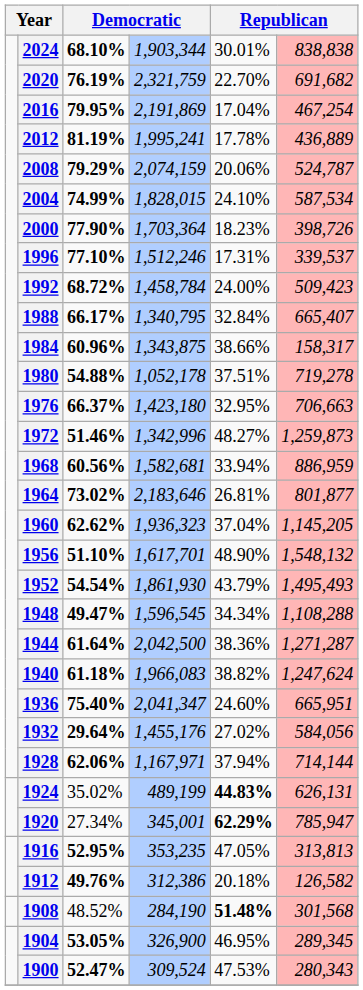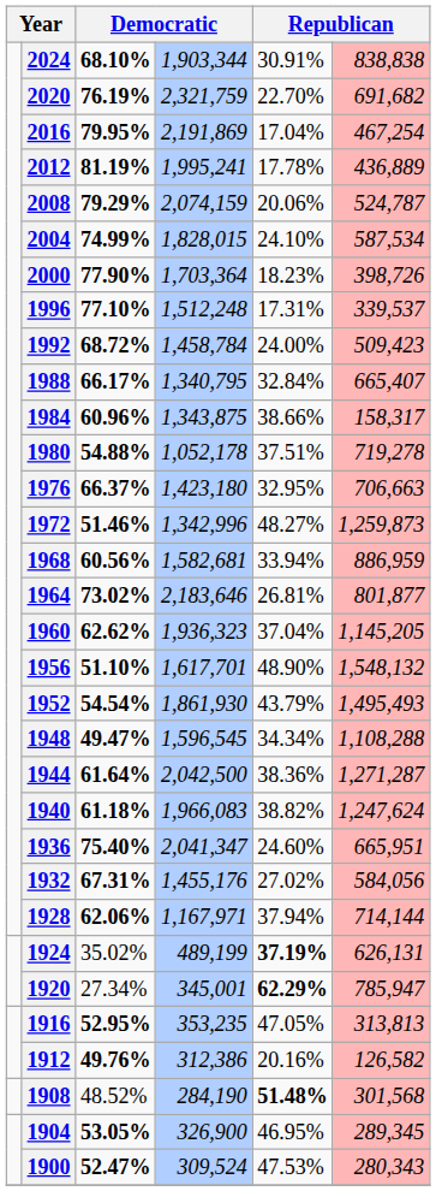 <table class="wikitable" style="float:right; width:400; font-size:90%; margin-left:1em;">
 <tr>
 <th colspan="2" scope="col">Year</th>
 <th colspan="2" scope="col"><a href='#'>Democratic</a></th>
 <th colspan="2" scope="col"><a href='#'>Republican</a></th>
 </tr>
 <tr>
 <td rowspan="25" style="width: 0.25em; background-color: "></td>
 <th><a href='#'>2024</a></th>
 <td><strong>68.10%</strong></td>
 <td style="text-align:right; background:#b0ceff;"><em>1,903,344</em></td>
-<td>30.01%</td>
+<td>30.91%</td>
 <td style="text-align:right; background:#ffb6b6;"><em>838,838</em></td>
 </tr>
 <tr>
 <th><a href='#'>2020</a></th>
 <td><strong>76.19%</strong></td>
 <td style="text-align:right; background:#b0ceff;"><em>2,321,759</em></td>
 <td>22.70%</td>
 <td style="text-align:right; background:#ffb6b6;"><em>691,682</em></td>
 </tr>
 <tr>
 <th><a href='#'>2016</a></th>
 <td><strong>79.95%</strong></td>
 <td style="text-align:right; background:#b0ceff;"><em>2,191,869</em></td>
 <td>17.04%</td>
 <td style="text-align:right; background:#ffb6b6;"><em>467,254</em></td>
 </tr>
 <tr>
 <th><a href='#'>2012</a></th>
 <td><strong>81.19%</strong></td>
 <td style="text-align:right; background:#b0ceff;"><em>1,995,241</em></td>
 <td>17.78%</td>
 <td style="text-align:right; background:#ffb6b6;"><em>436,889</em></td>
 </tr>
 <tr>
 <th><a href='#'>2008</a></th>
 <td><strong>79.29%</strong></td>
 <td style="text-align:right; background:#b0ceff;"><em>2,074,159</em></td>
 <td>20.06%</td>
 <td style="text-align:right; background:#ffb6b6;"><em>524,787</em></td>
 </tr>
 <tr>
 <th><a href='#'>2004</a></th>
 <td><strong>74.99%</strong></td>
 <td style="text-align:right; background:#b0ceff;"><em>1,828,015</em></td>
 <td>24.10%</td>
 <td style="text-align:right; background:#ffb6b6;"><em>587,534</em></td>
 </tr>
 <tr>
 <th><a href='#'>2000</a></th>
 <td><strong>77.90%</strong></td>
 <td style="text-align:right; background:#b0ceff;"><em>1,703,364</em></td>
 <td>18.23%</td>
 <td style="text-align:right; background:#ffb6b6;"><em>398,726</em></td>
 </tr>
 <tr>
 <th><a href='#'>1996</a></th>
 <td><strong>77.10%</strong></td>
-<td style="text-align:right; background:#b0ceff;"><em>1,512,246</em></td>
+<td style="text-align:right; background:#b0ceff;"><em>1,512,248</em></td>
 <td>17.31%</td>
 <td style="text-align:right; background:#ffb6b6;"><em>339,537</em></td>
 </tr>
 <tr>
 <th><a href='#'>1992</a></th>
 <td><strong>68.72%</strong></td>
 <td style="text-align:right; background:#b0ceff;"><em>1,458,784</em></td>
 <td>24.00%</td>
 <td style="text-align:right; background:#ffb6b6;"><em>509,423</em></td>
 </tr>
 <tr>
 <th><a href='#'>1988</a></th>
 <td><strong>66.17%</strong></td>
 <td style="text-align:right; background:#b0ceff;"><em>1,340,795</em></td>
 <td>32.84%</td>
 <td style="text-align:right; background:#ffb6b6;"><em>665,407</em></td>
 </tr>
 <tr>
 <th><a href='#'>1984</a></th>
 <td><strong>60.96%</strong></td>
 <td style="text-align:right; background:#b0ceff;"><em>1,343,875</em></td>
 <td>38.66%</td>
 <td style="text-align:right; background:#ffb6b6;"><em>158,317</em></td>
 </tr>
 <tr>
 <th><a href='#'>1980</a></th>
 <td><strong>54.88%</strong></td>
 <td style="text-align:right; background:#b0ceff;"><em>1,052,178</em></td>
 <td>37.51%</td>
 <td style="text-align:right; background:#ffb6b6;"><em>719,278</em></td>
 </tr>
 <tr>
 <th><a href='#'>1976</a></th>
 <td><strong>66.37%</strong></td>
 <td style="text-align:right; background:#b0ceff;"><em>1,423,180</em></td>
 <td>32.95%</td>
 <td style="text-align:right; background:#ffb6b6;"><em>706,663</em></td>
 </tr>
 <tr>
 <th><a href='#'>1972</a></th>
 <td><strong>51.46%</strong></td>
 <td style="text-align:right; background:#b0ceff;"><em>1,342,996</em></td>
 <td>48.27%</td>
 <td style="text-align:right; background:#ffb6b6;"><em>1,259,873</em></td>
 </tr>
 <tr>
 <th><a href='#'>1968</a></th>
 <td><strong>60.56%</strong></td>
 <td style="text-align:right; background:#b0ceff;"><em>1,582,681</em></td>
 <td>33.94%</td>
 <td style="text-align:right; background:#ffb6b6;"><em>886,959</em></td>
 </tr>
 <tr>
 <th><a href='#'>1964</a></th>
 <td><strong>73.02%</strong></td>
 <td style="text-align:right; background:#b0ceff;"><em>2,183,646</em></td>
 <td>26.81%</td>
 <td style="text-align:right; background:#ffb6b6;"><em>801,877</em></td>
 </tr>
 <tr>
 <th><a href='#'>1960</a></th>
 <td><strong>62.62%</strong></td>
 <td style="text-align:right; background:#b0ceff;"><em>1,936,323</em></td>
 <td>37.04%</td>
 <td style="text-align:right; background:#ffb6b6;"><em>1,145,205</em></td>
 </tr>
 <tr>
 <th><a href='#'>1956</a></th>
 <td><strong>51.10%</strong></td>
 <td style="text-align:right; background:#b0ceff;"><em>1,617,701</em></td>
 <td>48.90%</td>
 <td style="text-align:right; background:#ffb6b6;"><em>1,548,132</em></td>
 </tr>
 <tr>
 <th><a href='#'>1952</a></th>
 <td><strong>54.54%</strong></td>
 <td style="text-align:right; background:#b0ceff;"><em>1,861,930</em></td>
 <td>43.79%</td>
 <td style="text-align:right; background:#ffb6b6;"><em>1,495,493</em></td>
 </tr>
 <tr>
 <th><a href='#'>1948</a></th>
 <td><strong>49.47%</strong></td>
 <td style="text-align:right; background:#b0ceff;"><em>1,596,545</em></td>
 <td>34.34%</td>
 <td style="text-align:right; background:#ffb6b6;"><em>1,108,288</em></td>
 </tr>
 <tr>
 <th><a href='#'>1944</a></th>
 <td><strong>61.64%</strong></td>
 <td style="text-align:right; background:#b0ceff;"><em>2,042,500</em></td>
 <td>38.36%</td>
 <td style="text-align:right; background:#ffb6b6;"><em>1,271,287</em></td>
 </tr>
 <tr>
 <th><a href='#'>1940</a></th>
 <td><strong>61.18%</strong></td>
 <td style="text-align:right; background:#b0ceff;"><em>1,966,083</em></td>
 <td>38.82%</td>
 <td style="text-align:right; background:#ffb6b6;"><em>1,247,624</em></td>
 </tr>
 <tr>
 <th><a href='#'>1936</a></th>
 <td><strong>75.40%</strong></td>
 <td style="text-align:right; background:#b0ceff;"><em>2,041,347</em></td>
 <td>24.60%</td>
 <td style="text-align:right; background:#ffb6b6;"><em>665,951</em></td>
 </tr>
 <tr>
 <th><a href='#'>1932</a></th>
-<td><strong>29.64%</strong></td>
+<td><strong>67.31%</strong></td>
 <td style="text-align:right; background:#b0ceff;"><em>1,455,176</em></td>
 <td>27.02%</td>
 <td style="text-align:right; background:#ffb6b6;"><em>584,056</em></td>
 </tr>
 <tr>
 <th><a href='#'>1928</a></th>
 <td><strong>62.06%</strong></td>
 <td style="text-align:right; background:#b0ceff;"><em>1,167,971</em></td>
 <td>37.94%</td>
 <td style="text-align:right; background:#ffb6b6;"><em>714,144</em></td>
 </tr>
 <tr>
 <td rowspan="2" style="width: 0.25em; background-color: "></td>
 <th><a href='#'>1924</a></th>
 <td>35.02%</td>
 <td style="text-align:right; background:#b0ceff;"><em>489,199</em></td>
-<td><strong>44.83%</strong></td>
+<td><strong>37.19%</strong></td>
 <td style="text-align:right; background:#ffb6b6;"><em>626,131</em></td>
 </tr>
 <tr>
 <th><a href='#'>1920</a></th>
 <td>27.34%</td>
 <td style="text-align:right; background:#b0ceff;"><em>345,001</em></td>
 <td><strong>62.29%</strong></td>
 <td style="text-align:right; background:#ffb6b6;"><em>785,947</em></td>
 </tr>
 <tr>
 <td rowspan="2" style="width: 0.25em; background-color: "></td>
 <th><a href='#'>1916</a></th>
 <td><strong>52.95%</strong></td>
 <td style="text-align:right; background:#b0ceff;"><em>353,235</em></td>
 <td>47.05%</td>
 <td style="text-align:right; background:#ffb6b6;"><em>313,813</em></td>
 </tr>
 <tr>
 <th><a href='#'>1912</a></th>
 <td><strong>49.76%</strong></td>
 <td style="text-align:right; background:#b0ceff;"><em>312,386</em></td>
-<td>20.18%</td>
+<td>20.16%</td>
 <td style="text-align:right; background:#ffb6b6;"><em>126,582</em></td>
 </tr>
 <tr>
 <td style="width: 0.25em; background-color: "></td>
 <th><a href='#'>1908</a></th>
 <td>48.52%</td>
 <td style="text-align:right; background:#b0ceff;"><em>284,190</em></td>
 <td><strong>51.48%</strong></td>
 <td style="text-align:right; background:#ffb6b6;"><em>301,568</em></td>
 </tr>
 <tr>
 <td rowspan="2" style="width: 0.25em; background-color: "></td>
 <th><a href='#'>1904</a></th>
 <td><strong>53.05%</strong></td>
 <td style="text-align:right; background:#b0ceff;"><em>326,900</em></td>
 <td>46.95%</td>
 <td style="text-align:right; background:#ffb6b6;"><em>289,345</em></td>
 </tr>
 <tr>
 <th><a href='#'>1900</a></th>
 <td><strong>52.47%</strong></td>
 <td style="text-align:right; background:#b0ceff;"><em>309,524</em></td>
 <td>47.53%</td>
 <td style="text-align:right; background:#ffb6b6;"><em>280,343</em></td>
 </tr>
 <tr>
 </tr>
 </table>
